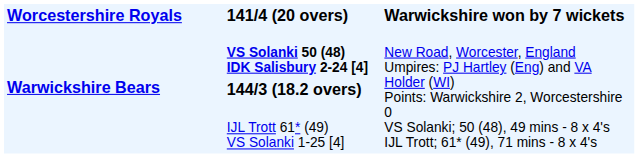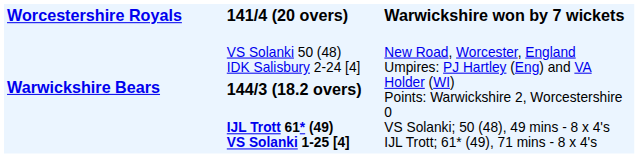 <table style="width:100%; background:#ebf5ff;">
 <tr>
 <td style="width:35%; vertical-align:top;" rowspan="2"><strong><a href='#'>Worcestershire Royals</a></strong></td>
 <td style="width:25%;"><strong>141/4 (20 overs)</strong></td>
 <td style="width:40%;"><strong>Warwickshire won by 7 wickets</strong></td>
 </tr>
 <tr>
-<td style="font-size: 85%;"><strong><br><a href='#'>VS Solanki</a> 50 (48)<br> <a href='#'>IDK Salisbury</a> 2-24 [4]</strong></td>
+<td style="font-size: 85%;"><br><a href='#'>VS Solanki</a> 50 (48)<br> <a href='#'>IDK Salisbury</a> 2-24 [4]</td>
 <td style="vertical-align:top; font-size:85%;" rowspan="3"><br><a href='#'>New Road</a>, <a href='#'>Worcester</a>, <a href='#'>England</a><br> Umpires: <a href='#'>PJ Hartley</a> (<a href='#'>Eng</a>) and <a href='#'>VA Holder</a> (<a href='#'>WI</a>)<br> Points: Warwickshire 2, Worcestershire 0<br>VS Solanki; 50 (48), 49 mins - 8 x 4's<br> IJL Trott; 61* (49), 71 mins - 8 x 4's</td>
 </tr>
 <tr>
 <td style="vertical-align:top;" rowspan="2"><strong><a href='#'>Warwickshire Bears</a></strong></td>
 <td><strong>144/3 (18.2 overs)</strong></td>
 </tr>
 <tr>
-<td style="font-size: 85%;"><br><a href='#'>IJL Trott</a> 61<a href='#'>*</a> (49)<br> <a href='#'>VS Solanki</a> 1-25 [4]</td>
+<td style="font-size: 85%;"><strong><br><a href='#'>IJL Trott</a> 61<a href='#'>*</a> (49)<br> <a href='#'>VS Solanki</a> 1-25 [4]</strong></td>
 </tr>
 </table>
